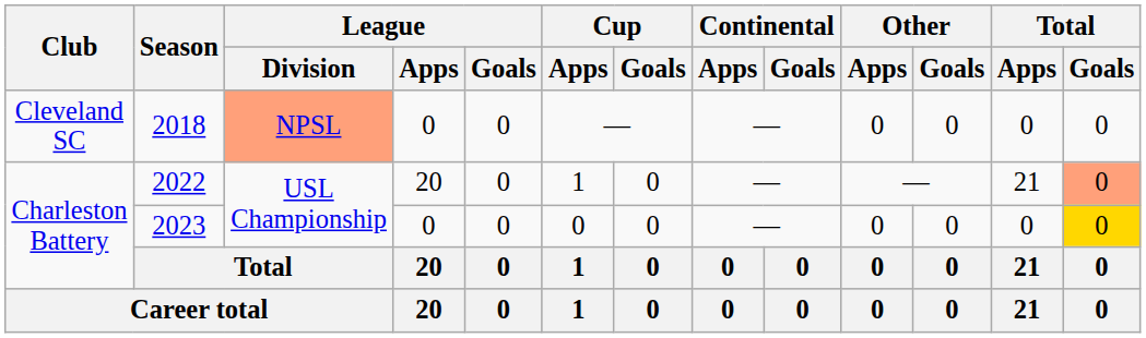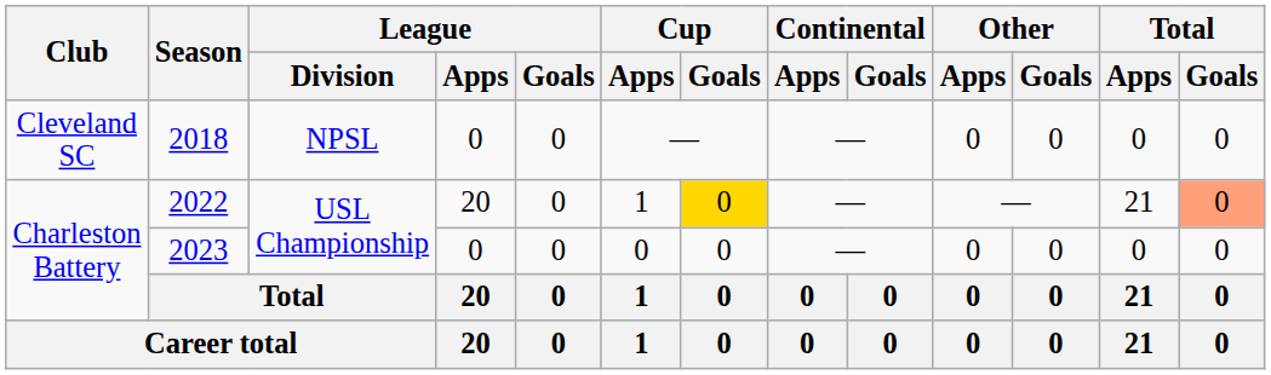 <table class="wikitable" style="text-align: center;">
 <tr>
 <th rowspan=2>Club</th>
 <th rowspan=2>Season</th>
 <th colspan=3>League</th>
 <th colspan=2>Cup</th>
 <th colspan=2>Continental</th>
 <th colspan=2>Other</th>
 <th colspan=2>Total</th>
 </tr>
 <tr>
 <th>Division</th>
 <th>Apps</th>
 <th>Goals</th>
 <th>Apps</th>
 <th>Goals</th>
 <th>Apps</th>
 <th>Goals</th>
 <th>Apps</th>
 <th>Goals</th>
 <th>Apps</th>
 <th>Goals</th>
 </tr>
 <tr>
 <td><a href='#'>Cleveland SC</a></td>
 <td><a href='#'>2018</a></td>
-<td style="background: lightsalmon;"><a href='#'>NPSL</a></td>
+<td><a href='#'>NPSL</a></td>
 <td>0</td>
 <td>0</td>
 <td colspan=2>—</td>
 <td colspan=2>—</td>
 <td>0</td>
 <td>0</td>
 <td>0</td>
 <td>0</td>
 </tr>
 <tr>
 <td rowspan=3><a href='#'>Charleston Battery</a></td>
 <td><a href='#'>2022</a></td>
 <td rowspan=2><a href='#'>USL Championship</a></td>
 <td>20</td>
 <td>0</td>
 <td>1</td>
-<td>0</td>
+<td style="background: gold;">0</td>
 <td colspan=2>—</td>
 <td colspan=2>—</td>
 <td>21</td>
 <td style="background: lightsalmon;">0</td>
 </tr>
 <tr>
 <td><a href='#'>2023</a></td>
 <td>0</td>
 <td>0</td>
 <td>0</td>
 <td>0</td>
 <td colspan=2>—</td>
 <td>0</td>
 <td>0</td>
 <td>0</td>
-<td style="background: gold;">0</td>
+<td>0</td>
 </tr>
 <tr>
 <th colspan=2>Total</th>
 <th>20</th>
 <th>0</th>
 <th>1</th>
 <th>0</th>
 <th>0</th>
 <th>0</th>
 <th>0</th>
 <th>0</th>
 <th>21</th>
 <th>0</th>
 </tr>
 <tr>
 <th colspan=3>Career total</th>
 <th>20</th>
 <th>0</th>
 <th>1</th>
 <th>0</th>
 <th>0</th>
 <th>0</th>
 <th>0</th>
 <th>0</th>
 <th>21</th>
 <th>0</th>
 </tr>
 </table>
